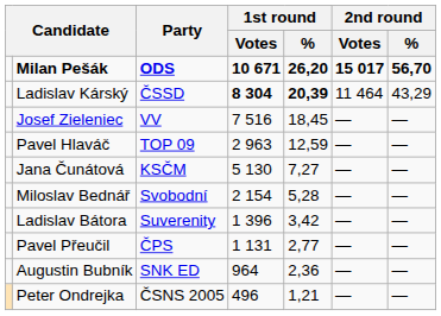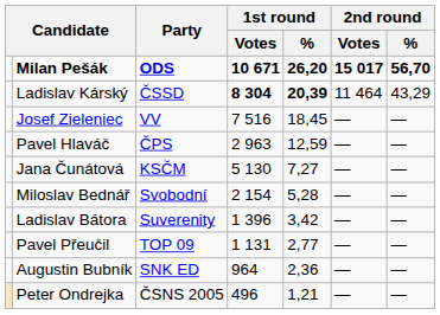 <table class="wikitable sortable">
 <tr>
 <th colspan="2" rowspan="2">Candidate</th>
 <th rowspan="2">Party</th>
 <th colspan="2">1st round</th>
 <th colspan="2">2nd round</th>
 </tr>
 <tr>
 <th>Votes</th>
 <th>%</th>
 <th>Votes</th>
 <th>%</th>
 </tr>
 <tr>
 <td style="background-color:"></td>
 <td><strong>Milan Pešák</strong></td>
 <td><a href='#'><strong>ODS</strong></a></td>
 <td><strong>10 671</strong></td>
 <td><strong>26,20</strong></td>
 <td><strong>15 017</strong></td>
 <td><strong>56,70</strong></td>
 </tr>
 <tr>
 <td style="background-color:"></td>
 <td>Ladislav Kárský</td>
 <td><a href='#'>ČSSD</a></td>
 <td><strong>8 304</strong></td>
 <td><strong>20,39</strong></td>
 <td>11 464</td>
 <td>43,29</td>
 </tr>
 <tr>
 <td style="background-color:"></td>
 <td><a href='#'>Josef Zieleniec</a></td>
 <td><a href='#'>VV</a></td>
 <td>7 516</td>
 <td>18,45</td>
 <td>—</td>
 <td>—</td>
 </tr>
 <tr>
 <td style="background-color:"></td>
 <td>Pavel Hlaváč</td>
-<td><a href='#'>TOP 09</a></td>
+<td><a href='#'>ČPS</a></td>
 <td>2 963</td>
 <td>12,59</td>
 <td>—</td>
 <td>—</td>
 </tr>
 <tr>
 <td style="background-color:"></td>
 <td>Jana Čunátová</td>
 <td><a href='#'>KSČM</a></td>
 <td>5 130</td>
 <td>7,27</td>
 <td>—</td>
 <td>—</td>
 </tr>
 <tr>
 <td style="background-color:"></td>
 <td>Miloslav Bednář</td>
 <td><a href='#'>Svobodní</a></td>
 <td>2 154</td>
 <td>5,28</td>
 <td>—</td>
 <td>—</td>
 </tr>
 <tr>
 <td style="background-color:"></td>
 <td>Ladislav Bátora</td>
 <td><a href='#'>Suverenity</a></td>
 <td>1 396</td>
 <td>3,42</td>
 <td>—</td>
 <td>—</td>
 </tr>
 <tr>
 <td style="background-color:"></td>
 <td>Pavel Přeučil</td>
-<td><a href='#'>ČPS</a></td>
+<td><a href='#'>TOP 09</a></td>
 <td>1 131</td>
 <td>2,77</td>
 <td>—</td>
 <td>—</td>
 </tr>
 <tr>
 <td style="background-color:"></td>
 <td>Augustin Bubník</td>
 <td><a href='#'>SNK ED</a></td>
 <td>964</td>
 <td>2,36</td>
 <td>—</td>
 <td>—</td>
 </tr>
 <tr>
 <td style="background-color:Moccasin"></td>
 <td>Peter Ondrejka</td>
 <td>ČSNS 2005</td>
 <td>496</td>
 <td>1,21</td>
 <td>—</td>
 <td>—</td>
 </tr>
 </table>
